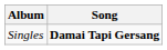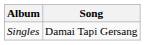 <table class="wikitable">
 <tr>
 <th>Album</th>
 <th>Song</th>
 </tr>
 <tr>
 <td><em>Singles</em></td>
-<td><strong>Damai Tapi Gersang</strong></td>
+<td>Damai Tapi Gersang</td>
 </tr>
 </table>
